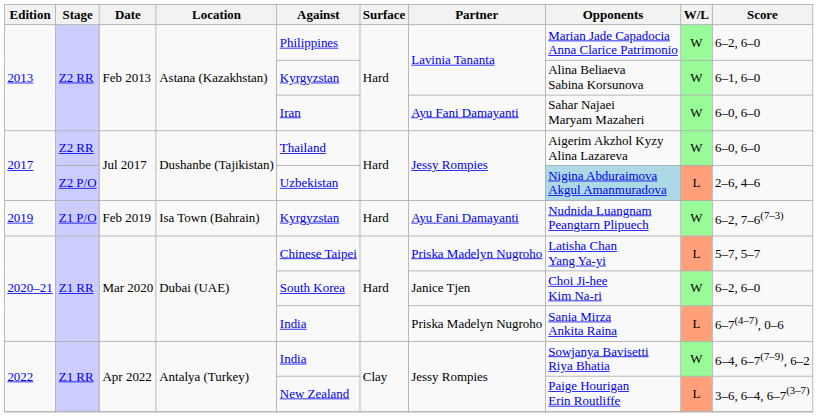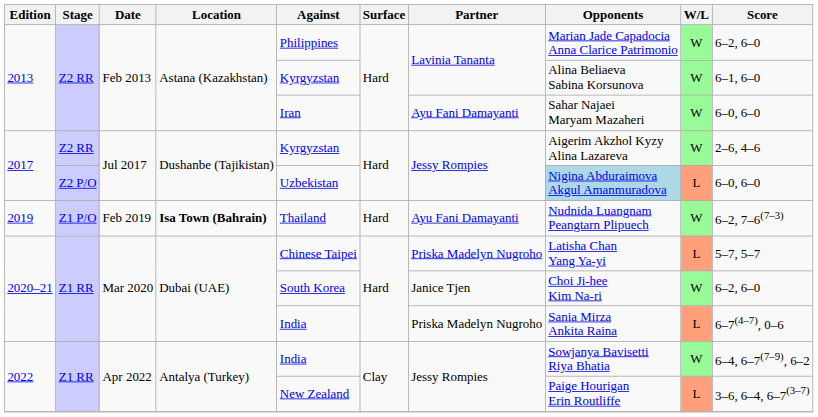 <table class=wikitable>
 <tr>
 <th>Edition</th>
 <th>Stage</th>
 <th>Date</th>
 <th>Location</th>
 <th>Against</th>
 <th>Surface</th>
 <th>Partner</th>
 <th>Opponents</th>
 <th>W/L</th>
 <th>Score</th>
 </tr>
 <tr>
 <td rowspan=3><a href='#'>2013</a></td>
 <td style="background:#CCCCFF;" rowspan=3><a href='#'>Z2 RR</a></td>
 <td rowspan="3">Feb 2013</td>
 <td rowspan=3>Astana (Kazakhstan)</td>
 <td> <a href='#'>Philippines</a></td>
 <td rowspan=3>Hard</td>
 <td rowspan=2><a href='#'>Lavinia Tananta</a></td>
 <td><a href='#'>Marian Jade Capadocia</a> <br> <a href='#'>Anna Clarice Patrimonio</a></td>
 <td style="text-align:center; background:#98fb98;">W</td>
 <td>6–2, 6–0</td>
 </tr>
 <tr>
 <td> <a href='#'>Kyrgyzstan</a></td>
 <td>Alina Beliaeva <br> Sabina Korsunova</td>
 <td style="text-align:center; background:#98fb98;">W</td>
 <td>6–1, 6–0</td>
 </tr>
 <tr>
 <td> <a href='#'>Iran</a></td>
 <td><a href='#'>Ayu Fani Damayanti</a></td>
 <td>Sahar Najaei <br> Maryam Mazaheri</td>
 <td style="text-align:center; background:#98fb98;">W</td>
 <td>6–0, 6–0</td>
 </tr>
 <tr>
 <td rowspan=2><a href='#'>2017</a></td>
 <td style="background:#CCCCFF;"><a href='#'>Z2 RR</a></td>
 <td rowspan="2">Jul 2017</td>
 <td rowspan=2>Dushanbe (Tajikistan)</td>
-<td> <a href='#'>Thailand</a></td>
+<td> <a href='#'>Kyrgyzstan</a></td>
 <td rowspan=2>Hard</td>
 <td rowspan=2><a href='#'>Jessy Rompies</a></td>
 <td>Aigerim Akzhol Kyzy <br> Alina Lazareva</td>
 <td style="text-align:center; background:#98fb98;">W</td>
-<td>6–0, 6–0</td>
+<td>2–6, 4–6</td>
 </tr>
 <tr>
 <td style="background:#CCCCFF;"><a href='#'>Z2 P/O</a></td>
 <td> <a href='#'>Uzbekistan</a></td>
 <td style="background: lightblue;"><a href='#'>Nigina Abduraimova</a> <br> <a href='#'>Akgul Amanmuradova</a></td>
 <td style="text-align:center; background:#ffa07a;">L</td>
-<td>2–6, 4–6</td>
+<td>6–0, 6–0</td>
 </tr>
 <tr>
 <td><a href='#'>2019</a></td>
 <td style="background:#CCCCFF;"><a href='#'>Z1 P/O</a></td>
 <td>Feb 2019</td>
-<td>Isa Town (Bahrain)</td>
-<td> <a href='#'>Kyrgyzstan</a></td>
+<td><strong>Isa Town (Bahrain)</strong></td>
+<td> <a href='#'>Thailand</a></td>
 <td>Hard</td>
 <td><a href='#'>Ayu Fani Damayanti</a></td>
 <td><a href='#'>Nudnida Luangnam</a> <br> <a href='#'>Peangtarn Plipuech</a></td>
 <td style="text-align:center; background:#98fb98;">W</td>
 <td>6–2, 7–6<sup>(7–3)</sup></td>
 </tr>
 <tr>
 <td rowspan=3><a href='#'>2020–21</a></td>
 <td style="background:#CCCCFF;" rowspan=3><a href='#'>Z1 RR</a></td>
 <td rowspan="3">Mar 2020</td>
 <td rowspan=3>Dubai (UAE)</td>
 <td> <a href='#'>Chinese Taipei</a></td>
 <td rowspan=3>Hard</td>
 <td><a href='#'>Priska Madelyn Nugroho</a></td>
 <td><a href='#'>Latisha Chan</a> <br> <a href='#'>Yang Ya-yi</a></td>
 <td style="text-align:center; background:#ffa07a;">L</td>
 <td>5–7, 5–7</td>
 </tr>
 <tr>
 <td> <a href='#'>South Korea</a></td>
 <td>Janice Tjen</td>
 <td><a href='#'>Choi Ji-hee</a> <br> <a href='#'>Kim Na-ri</a></td>
 <td style="text-align:center; background:#98fb98;">W</td>
 <td>6–2, 6–0</td>
 </tr>
 <tr>
 <td> <a href='#'>India</a></td>
 <td>Priska Madelyn Nugroho</td>
 <td><a href='#'>Sania Mirza</a> <br> <a href='#'>Ankita Raina</a></td>
 <td style="text-align:center; background:#ffa07a;">L</td>
 <td>6–7<sup>(4–7)</sup>, 0–6</td>
 </tr>
 <tr>
 <td rowspan=2><a href='#'>2022</a></td>
 <td style="background:#CCCCFF;" rowspan=2><a href='#'>Z1 RR</a></td>
 <td rowspan="2">Apr 2022</td>
 <td rowspan=2>Antalya (Turkey)</td>
 <td> <a href='#'>India</a></td>
 <td rowspan=2>Clay</td>
 <td rowspan=2>Jessy Rompies</td>
 <td><a href='#'>Sowjanya Bavisetti</a> <br> <a href='#'>Riya Bhatia</a></td>
 <td style="text-align:center; background:#98fb98;">W</td>
 <td>6–4, 6–7<sup>(7–9)</sup>, 6–2</td>
 </tr>
 <tr>
 <td> <a href='#'>New Zealand</a></td>
 <td><a href='#'>Paige Hourigan</a> <br> <a href='#'>Erin Routliffe</a></td>
 <td style="text-align:center; background:#ffa07a;">L</td>
 <td>3–6, 6–4, 6–7<sup>(3–7)</sup></td>
 </tr>
 <tr>
 </tr>
 </table>
